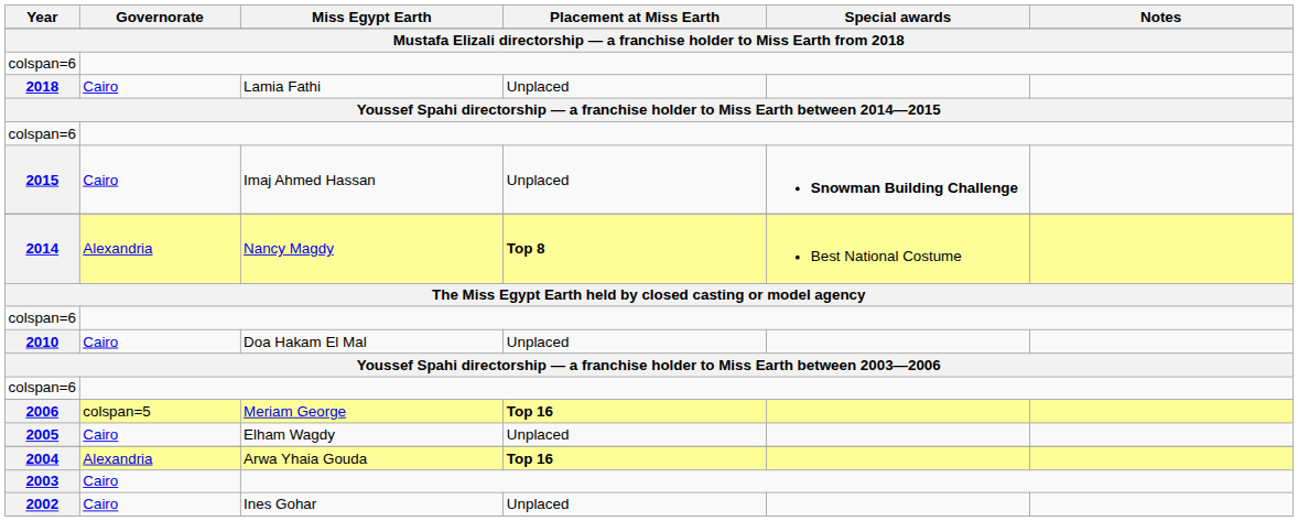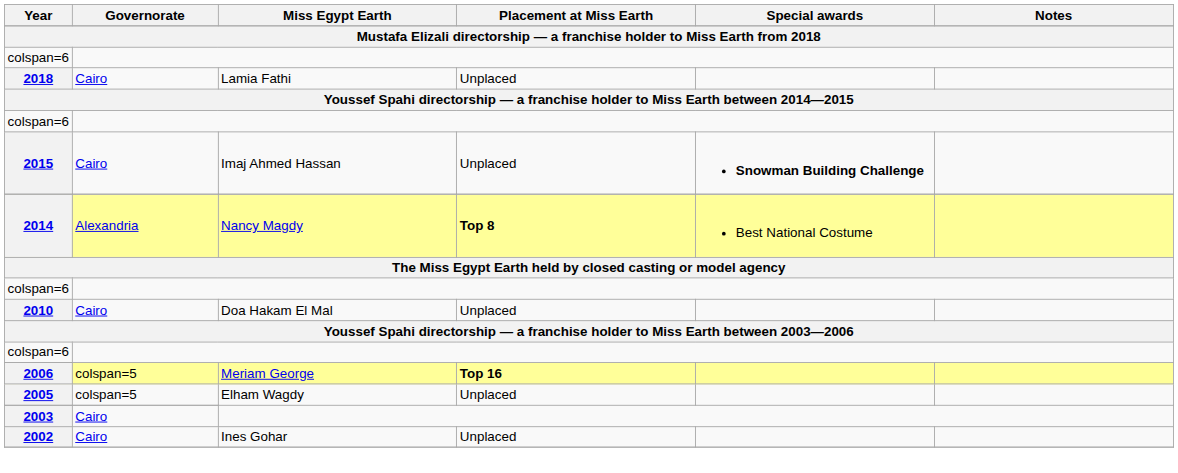 <table class="wikitable " style="font-size: 90%;">
 <tr>
 <th width="60">Year</th>
 <th width="150">Governorate</th>
 <th width="250">Miss Egypt Earth</th>
 <th width="250">Placement at Miss Earth</th>
 <th width="250">Special awards</th>
 <th width="250">Notes</th>
 </tr>
 <tr>
 </tr>
 <tr>
 <th colspan="6">Mustafa Elizali directorship — a franchise holder to Miss Earth from 2018</th>
 </tr>
 <tr>
 <td>colspan=6 </td>
 </tr>
 <tr>
 <th><a href='#'>2018</a></th>
 <td><a href='#'>Cairo</a></td>
 <td>Lamia Fathi</td>
 <td>Unplaced</td>
 <td></td>
 <td></td>
 </tr>
 <tr>
 <th colspan="6">Youssef Spahi directorship — a franchise holder to Miss Earth between 2014―2015</th>
 </tr>
 <tr>
 <td>colspan=6 </td>
 </tr>
 <tr>
 <th><a href='#'>2015</a></th>
 <td><a href='#'>Cairo</a></td>
 <td>Imaj Ahmed Hassan</td>
 <td>Unplaced</td>
 <td align="left"><strong><br><ul><li> Snowman Building Challenge</li></ul></strong></td>
 <td></td>
 </tr>
 <tr>
 </tr>
 <tr style="background-color:#FFFF99; ">
 <th><a href='#'>2014</a></th>
 <td><a href='#'>Alexandria</a></td>
 <td><a href='#'>Nancy Magdy</a></td>
 <td><strong>Top 8</strong></td>
 <td align="left"><br><ul><li> Best National Costume</li></ul></td>
 <td></td>
 </tr>
 <tr>
 <th colspan="6">The Miss Egypt Earth held by closed casting or model agency</th>
 </tr>
 <tr>
 <td>colspan=6 </td>
 </tr>
 <tr>
 <th><a href='#'>2010</a></th>
 <td><a href='#'>Cairo</a></td>
 <td>Doa Hakam El Mal</td>
 <td>Unplaced</td>
 <td></td>
 <td></td>
 </tr>
 <tr>
 <th colspan="6">Youssef Spahi directorship — a franchise holder to Miss Earth between 2003―2006</th>
 </tr>
 <tr>
 <td>colspan=6 </td>
 </tr>
 <tr>
 </tr>
 <tr style="background-color:#FFFF99; ">
 <th><a href='#'>2006</a></th>
 <td>colspan=5 </td>
 <td><a href='#'>Meriam George</a></td>
 <td><strong>Top 16</strong></td>
 <td></td>
 <td></td>
 </tr>
 <tr>
 <th><a href='#'>2005</a></th>
-<td><a href='#'>Cairo</a></td>
+<td>colspan=5 </td>
 <td>Elham Wagdy</td>
 <td>Unplaced</td>
 <td></td>
 <td></td>
 </tr>
 <tr>
-</tr>
-<tr style="background-color:#FFFF99; ">
-<th><a href='#'>2004</a></th>
-<td><a href='#'>Alexandria</a></td>
-<td>Arwa Yhaia Gouda</td>
-<td><strong>Top 16</strong></td>
-<td></td>
-<td></td>
 </tr>
 <tr>
 <th><a href='#'>2003</a></th>
 <td><a href='#'>Cairo</a></td>
 </tr>
 <tr>
 <th><a href='#'>2002</a></th>
 <td><a href='#'>Cairo</a></td>
 <td>Ines Gohar</td>
 <td>Unplaced</td>
 <td></td>
 <td></td>
 </tr>
 <tr>
 </tr>
 </table>
